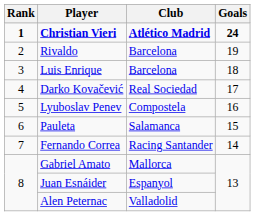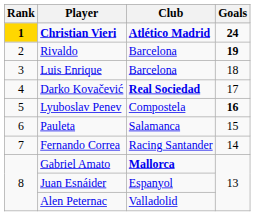 <table class="wikitable sortable" style="font-size: 100%;">
 <tr bgcolor="#CCCCCC" align="center"|->
 <th>Rank</th>
 <th>Player</th>
 <th>Club</th>
 <th>Goals</th>
 </tr>
 <tr>
-<td style="text-align:center"><strong>1</strong></td>
+<td style="background: gold; text-align:center"><strong>1</strong></td>
 <td> <strong><a href='#'>Christian Vieri</a></strong></td>
 <td><strong><a href='#'>Atlético Madrid</a></strong></td>
 <td style="text-align:center"><strong>24</strong></td>
 </tr>
 <tr>
 <td style="text-align:center">2</td>
 <td> <a href='#'>Rivaldo</a></td>
 <td><a href='#'>Barcelona</a></td>
-<td style="text-align:center">19</td>
+<td style="text-align:center"><strong>19</strong></td>
 </tr>
 <tr>
 <td style="text-align:center">3</td>
 <td> <a href='#'>Luis Enrique</a></td>
 <td><a href='#'>Barcelona</a></td>
 <td style="text-align:center">18</td>
 </tr>
 <tr>
 <td style="text-align:center">4</td>
 <td> <a href='#'>Darko Kovačević</a></td>
-<td><a href='#'>Real Sociedad</a></td>
+<td><strong><a href='#'>Real Sociedad</a></strong></td>
 <td style="text-align:center">17</td>
 </tr>
 <tr>
 <td style="text-align:center">5</td>
 <td> <a href='#'>Lyuboslav Penev</a></td>
 <td><a href='#'>Compostela</a></td>
-<td style="text-align:center">16</td>
+<td style="text-align:center"><strong>16</strong></td>
 </tr>
 <tr>
 <td style="text-align:center">6</td>
 <td> <a href='#'>Pauleta</a></td>
 <td><a href='#'>Salamanca</a></td>
 <td style="text-align:center">15</td>
 </tr>
 <tr>
 <td style="text-align:center">7</td>
 <td> <a href='#'>Fernando Correa</a></td>
 <td><a href='#'>Racing Santander</a></td>
 <td style="text-align:center">14</td>
 </tr>
 <tr>
 <td rowspan=3 style="text-align:center">8</td>
 <td> <a href='#'>Gabriel Amato</a></td>
-<td><a href='#'>Mallorca</a></td>
+<td><strong><a href='#'>Mallorca</a></strong></td>
 <td rowspan=3 style="text-align:center">13</td>
 </tr>
 <tr>
 <td> <a href='#'>Juan Esnáider</a></td>
 <td><a href='#'>Espanyol</a></td>
 </tr>
 <tr>
 <td> <a href='#'>Alen Peternac</a></td>
 <td><a href='#'>Valladolid</a></td>
 </tr>
 </table>
